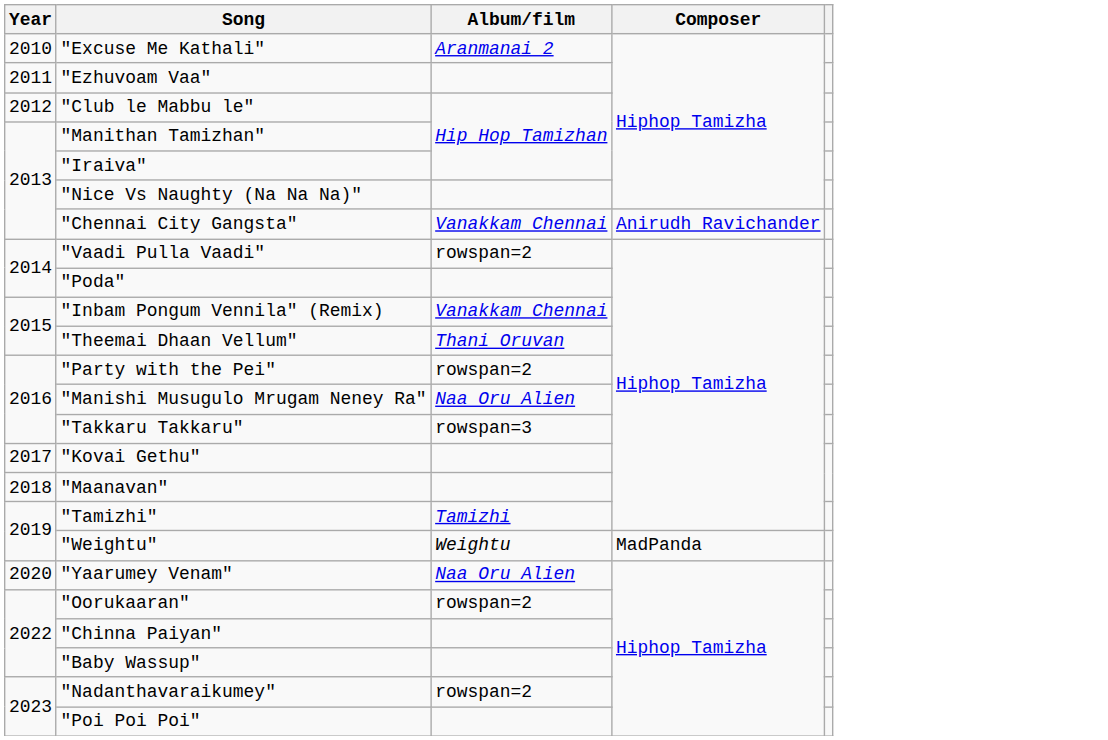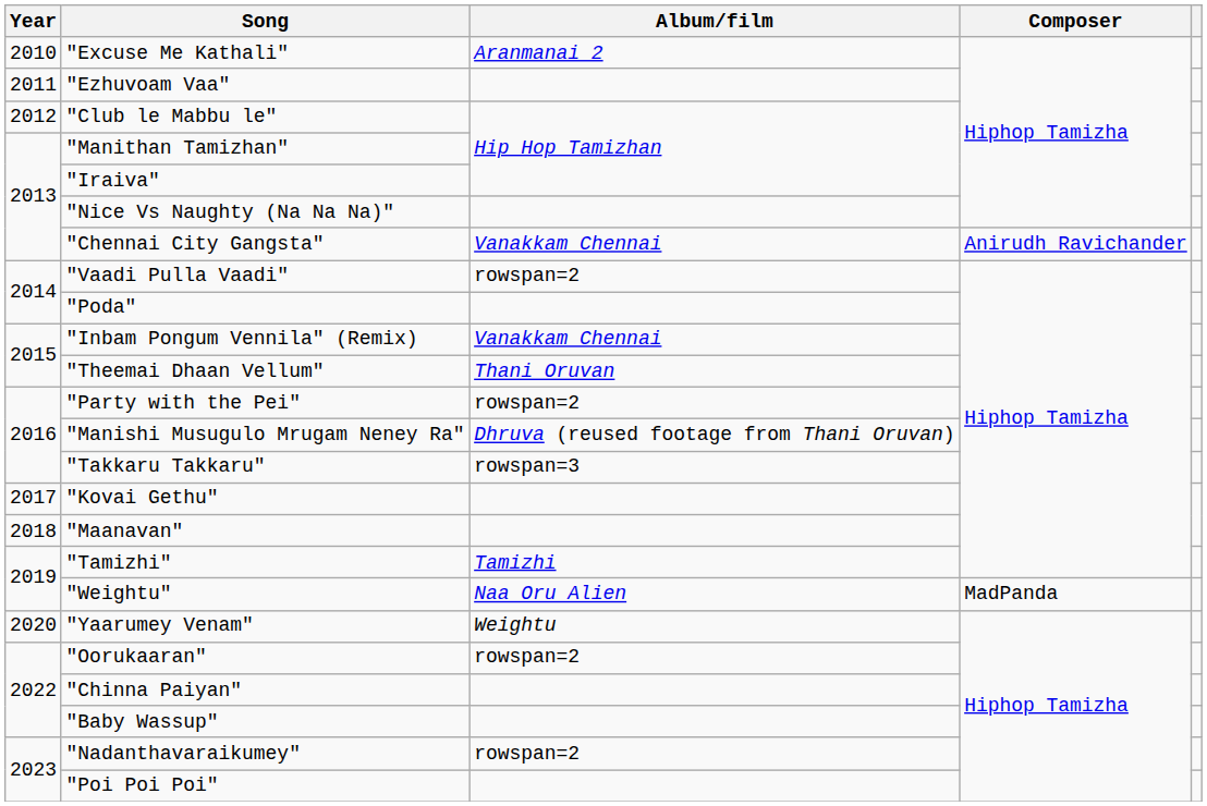 <table class="wikitable sortable">
 <tr>
 <th>Year</th>
 <th>Song</th>
 <th>Album/film</th>
 <th>Composer</th>
 <th></th>
 </tr>
 <tr>
 <td>2010</td>
 <td>"Excuse Me Kathali"</td>
 <td><em><a href='#'>Aranmanai 2</a></em></td>
 <td rowspan=6><a href='#'>Hiphop Tamizha</a></td>
 <td></td>
 </tr>
 <tr>
 <td>2011</td>
 <td>"Ezhuvoam Vaa"</td>
 <td></td>
 </tr>
 <tr>
 <td>2012</td>
 <td>"Club le Mabbu le"</td>
 <td rowspan=3><em><a href='#'>Hip Hop Tamizhan</a></em></td>
 <td></td>
 </tr>
 <tr>
 <td rowspan=4>2013</td>
 <td>"Manithan Tamizhan"</td>
 <td></td>
 </tr>
 <tr>
 <td>"Iraiva"</td>
 <td></td>
 </tr>
 <tr>
 <td>"Nice Vs Naughty (Na Na Na)"</td>
 <td></td>
 <td></td>
 </tr>
 <tr>
 <td>"Chennai City Gangsta"</td>
 <td><em><a href='#'>Vanakkam Chennai</a></em></td>
 <td><a href='#'>Anirudh Ravichander</a></td>
 <td></td>
 </tr>
 <tr>
 <td rowspan=2>2014</td>
 <td>"Vaadi Pulla Vaadi"</td>
 <td>rowspan=2 </td>
 <td rowspan="10"><a href='#'>Hiphop Tamizha</a></td>
 <td></td>
 </tr>
 <tr>
 <td>"Poda"</td>
 <td></td>
 </tr>
 <tr>
 <td rowspan=2>2015</td>
 <td>"Inbam Pongum Vennila" (Remix)</td>
 <td><em><a href='#'>Vanakkam Chennai</a></em></td>
 <td></td>
 </tr>
 <tr>
 <td>"Theemai Dhaan Vellum"</td>
 <td><em><a href='#'>Thani Oruvan</a></em></td>
 <td></td>
 </tr>
 <tr>
 <td rowspan=3>2016</td>
 <td>"Party with the Pei"</td>
 <td>rowspan=2 </td>
 <td></td>
 </tr>
 <tr>
 <td>"Manishi Musugulo Mrugam Neney Ra"</td>
-<td><em><a href='#'>Naa Oru Alien</a></em></td>
+<td><em><a href='#'>Dhruva</a></em> (reused footage from <em>Thani Oruvan</em>)</td>
 <td></td>
 </tr>
 <tr>
 <td>"Takkaru Takkaru"</td>
 <td>rowspan=3 </td>
 <td></td>
 </tr>
 <tr>
 <td>2017</td>
 <td>"Kovai Gethu"</td>
 <td></td>
 </tr>
 <tr>
 <td>2018</td>
 <td>"Maanavan"</td>
 <td></td>
 </tr>
 <tr>
 <td rowspan=2>2019</td>
 <td>"Tamizhi"</td>
 <td><em><a href='#'>Tamizhi</a></em></td>
 <td></td>
 </tr>
 <tr>
 <td>"Weightu"</td>
-<td><em>Weightu</em></td>
+<td><em><a href='#'>Naa Oru Alien</a></em></td>
 <td>MadPanda</td>
 <td></td>
 </tr>
 <tr>
 <td>2020</td>
 <td>"Yaarumey Venam"</td>
-<td><em><a href='#'>Naa Oru Alien</a></em></td>
+<td><em>Weightu</em></td>
 <td rowspan="10"><a href='#'>Hiphop Tamizha</a></td>
 <td></td>
 </tr>
 <tr>
 <td rowspan=3>2022</td>
 <td>"Oorukaaran"</td>
 <td>rowspan=2 </td>
 <td></td>
 </tr>
 <tr>
 <td>"Chinna Paiyan"</td>
 <td></td>
 </tr>
 <tr>
 <td>"Baby Wassup"</td>
 <td></td>
 <td></td>
 </tr>
 <tr>
 <td rowspan=2>2023</td>
 <td>"Nadanthavaraikumey"</td>
 <td>rowspan=2 </td>
 <td></td>
 </tr>
 <tr>
 <td>"Poi Poi Poi"</td>
 <td></td>
 </tr>
 </table>
